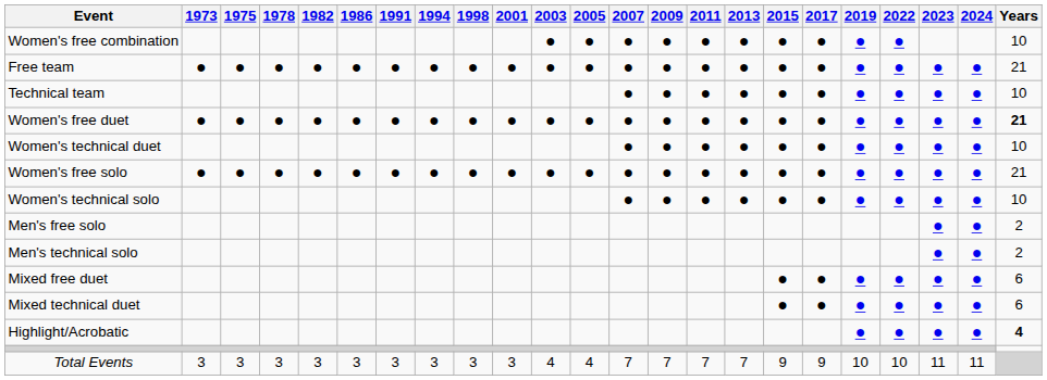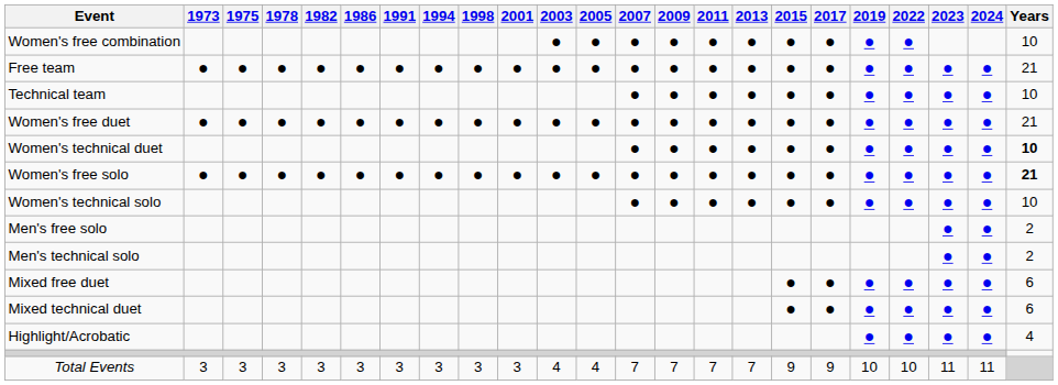 <table class="wikitable" style="text-align:center;">
 <tr>
 <th>Event</th>
 <th><a href='#'>1973</a></th>
 <th><a href='#'>1975</a></th>
 <th><a href='#'>1978</a></th>
 <th><a href='#'>1982</a></th>
 <th><a href='#'>1986</a></th>
 <th><a href='#'>1991</a></th>
 <th><a href='#'>1994</a></th>
 <th><a href='#'>1998</a></th>
 <th><a href='#'>2001</a></th>
 <th><a href='#'>2003</a></th>
 <th><a href='#'>2005</a></th>
 <th><a href='#'>2007</a></th>
 <th><a href='#'>2009</a></th>
 <th><a href='#'>2011</a></th>
 <th><a href='#'>2013</a></th>
 <th><a href='#'>2015</a></th>
 <th><a href='#'>2017</a></th>
 <th><a href='#'>2019</a></th>
 <th><a href='#'>2022</a></th>
 <th><a href='#'>2023</a></th>
 <th><a href='#'>2024</a></th>
 <th>Years</th>
 </tr>
 <tr>
 <td align=left>Women's free combination</td>
 <td></td>
 <td></td>
 <td></td>
 <td></td>
 <td></td>
 <td></td>
 <td></td>
 <td></td>
 <td></td>
 <td><big><strong>●</strong></big></td>
 <td><big><strong>●</strong></big></td>
 <td><big><strong>●</strong></big></td>
 <td><big><strong>●</strong></big></td>
 <td><big><strong>●</strong></big></td>
 <td><big><strong>●</strong></big></td>
 <td><big><strong>●</strong></big></td>
 <td><big><strong>●</strong></big></td>
 <td><a href='#'><big><strong>●</strong></big></a></td>
 <td><a href='#'><big><strong>●</strong></big></a></td>
 <td></td>
 <td></td>
 <td>10</td>
 </tr>
 <tr>
 <td align=left>Free team</td>
 <td><big><strong>●</strong></big></td>
 <td><big><strong>●</strong></big></td>
 <td><big><strong>●</strong></big></td>
 <td><big><strong>●</strong></big></td>
 <td><big><strong>●</strong></big></td>
 <td><big><strong>●</strong></big></td>
 <td><big><strong>●</strong></big></td>
 <td><big><strong>●</strong></big></td>
 <td><big><strong>●</strong></big></td>
 <td><big><strong>●</strong></big></td>
 <td><big><strong>●</strong></big></td>
 <td><big><strong>●</strong></big></td>
 <td><big><strong>●</strong></big></td>
 <td><big><strong>●</strong></big></td>
 <td><big><strong>●</strong></big></td>
 <td><big><strong>●</strong></big></td>
 <td><big><strong>●</strong></big></td>
 <td><a href='#'><big><strong>●</strong></big></a></td>
 <td><a href='#'><big><strong>●</strong></big></a></td>
 <td><a href='#'><big><strong>●</strong></big></a></td>
 <td><a href='#'><big><strong>●</strong></big></a></td>
 <td>21</td>
 </tr>
 <tr>
 <td align=left>Technical team</td>
 <td></td>
 <td></td>
 <td></td>
 <td></td>
 <td></td>
 <td></td>
 <td></td>
 <td></td>
 <td></td>
 <td></td>
 <td></td>
 <td><big><strong>●</strong></big></td>
 <td><big><strong>●</strong></big></td>
 <td><big><strong>●</strong></big></td>
 <td><big><strong>●</strong></big></td>
 <td><big><strong>●</strong></big></td>
 <td><big><strong>●</strong></big></td>
 <td><a href='#'><big><strong>●</strong></big></a></td>
 <td><a href='#'><big><strong>●</strong></big></a></td>
 <td><a href='#'><big><strong>●</strong></big></a></td>
 <td><a href='#'><big><strong>●</strong></big></a></td>
 <td>10</td>
 </tr>
 <tr>
 <td align=left>Women's free duet</td>
 <td><big><strong>●</strong></big></td>
 <td><big><strong>●</strong></big></td>
 <td><big><strong>●</strong></big></td>
 <td><big><strong>●</strong></big></td>
 <td><big><strong>●</strong></big></td>
 <td><big><strong>●</strong></big></td>
 <td><big><strong>●</strong></big></td>
 <td><big><strong>●</strong></big></td>
 <td><big><strong>●</strong></big></td>
 <td><big><strong>●</strong></big></td>
 <td><big><strong>●</strong></big></td>
 <td><big><strong>●</strong></big></td>
 <td><big><strong>●</strong></big></td>
 <td><big><strong>●</strong></big></td>
 <td><big><strong>●</strong></big></td>
 <td><big><strong>●</strong></big></td>
 <td><big><strong>●</strong></big></td>
 <td><a href='#'><big><strong>●</strong></big></a></td>
 <td><a href='#'><big><strong>●</strong></big></a></td>
 <td><a href='#'><big><strong>●</strong></big></a></td>
 <td><a href='#'><big><strong>●</strong></big></a></td>
-<td><strong>21</strong></td>
+<td>21</td>
 </tr>
 <tr>
 <td align=left>Women's technical duet</td>
 <td></td>
 <td></td>
 <td></td>
 <td></td>
 <td></td>
 <td></td>
 <td></td>
 <td></td>
 <td></td>
 <td></td>
 <td></td>
 <td><big><strong>●</strong></big></td>
 <td><big><strong>●</strong></big></td>
 <td><big><strong>●</strong></big></td>
 <td><big><strong>●</strong></big></td>
 <td><big><strong>●</strong></big></td>
 <td><big><strong>●</strong></big></td>
 <td><a href='#'><big><strong>●</strong></big></a></td>
 <td><a href='#'><big><strong>●</strong></big></a></td>
 <td><a href='#'><big><strong>●</strong></big></a></td>
 <td><a href='#'><big><strong>●</strong></big></a></td>
-<td>10</td>
+<td><strong>10</strong></td>
 </tr>
 <tr>
 <td align=left>Women's free solo</td>
 <td><big><strong>●</strong></big></td>
 <td><big><strong>●</strong></big></td>
 <td><big><strong>●</strong></big></td>
 <td><big><strong>●</strong></big></td>
 <td><big><strong>●</strong></big></td>
 <td><big><strong>●</strong></big></td>
 <td><big><strong>●</strong></big></td>
 <td><big><strong>●</strong></big></td>
 <td><big><strong>●</strong></big></td>
 <td><big><strong>●</strong></big></td>
 <td><big><strong>●</strong></big></td>
 <td><big><strong>●</strong></big></td>
 <td><big><strong>●</strong></big></td>
 <td><big><strong>●</strong></big></td>
 <td><big><strong>●</strong></big></td>
 <td><big><strong>●</strong></big></td>
 <td><big><strong>●</strong></big></td>
 <td><a href='#'><big><strong>●</strong></big></a></td>
 <td><a href='#'><big><strong>●</strong></big></a></td>
 <td><a href='#'><big><strong>●</strong></big></a></td>
 <td><a href='#'><big><strong>●</strong></big></a></td>
-<td>21</td>
+<td><strong>21</strong></td>
 </tr>
 <tr>
 <td align=left>Women's technical solo</td>
 <td></td>
 <td></td>
 <td></td>
 <td></td>
 <td></td>
 <td></td>
 <td></td>
 <td></td>
 <td></td>
 <td></td>
 <td></td>
 <td><big><strong>●</strong></big></td>
 <td><big><strong>●</strong></big></td>
 <td><big><strong>●</strong></big></td>
 <td><big><strong>●</strong></big></td>
 <td><big><strong>●</strong></big></td>
 <td><big><strong>●</strong></big></td>
 <td><a href='#'><big><strong>●</strong></big></a></td>
 <td><a href='#'><big><strong>●</strong></big></a></td>
 <td><a href='#'><big><strong>●</strong></big></a></td>
 <td><a href='#'><big><strong>●</strong></big></a></td>
 <td>10</td>
 </tr>
 <tr>
 <td align=left>Men's free solo</td>
 <td></td>
 <td></td>
 <td></td>
 <td></td>
 <td></td>
 <td></td>
 <td></td>
 <td></td>
 <td></td>
 <td></td>
 <td></td>
 <td></td>
 <td></td>
 <td></td>
 <td></td>
 <td></td>
 <td></td>
 <td></td>
 <td></td>
 <td><a href='#'><big><strong>●</strong></big></a></td>
 <td><a href='#'><big><strong>●</strong></big></a></td>
 <td>2</td>
 </tr>
 <tr>
 <td align=left>Men's technical solo</td>
 <td></td>
 <td></td>
 <td></td>
 <td></td>
 <td></td>
 <td></td>
 <td></td>
 <td></td>
 <td></td>
 <td></td>
 <td></td>
 <td></td>
 <td></td>
 <td></td>
 <td></td>
 <td></td>
 <td></td>
 <td></td>
 <td></td>
 <td><a href='#'><big><strong>●</strong></big></a></td>
 <td><a href='#'><big><strong>●</strong></big></a></td>
 <td>2</td>
 </tr>
 <tr>
 <td align=left>Mixed free duet</td>
 <td></td>
 <td></td>
 <td></td>
 <td></td>
 <td></td>
 <td></td>
 <td></td>
 <td></td>
 <td></td>
 <td></td>
 <td></td>
 <td></td>
 <td></td>
 <td></td>
 <td></td>
 <td><big><strong>●</strong></big></td>
 <td><big><strong>●</strong></big></td>
 <td><a href='#'><big><strong>●</strong></big></a></td>
 <td><a href='#'><big><strong>●</strong></big></a></td>
 <td><a href='#'><big><strong>●</strong></big></a></td>
 <td><a href='#'><big><strong>●</strong></big></a></td>
 <td>6</td>
 </tr>
 <tr>
 <td align=left>Mixed technical duet</td>
 <td></td>
 <td></td>
 <td></td>
 <td></td>
 <td></td>
 <td></td>
 <td></td>
 <td></td>
 <td></td>
 <td></td>
 <td></td>
 <td></td>
 <td></td>
 <td></td>
 <td></td>
 <td><big><strong>●</strong></big></td>
 <td><big><strong>●</strong></big></td>
 <td><a href='#'><big><strong>●</strong></big></a></td>
 <td><a href='#'><big><strong>●</strong></big></a></td>
 <td><a href='#'><big><strong>●</strong></big></a></td>
 <td><a href='#'><big><strong>●</strong></big></a></td>
 <td>6</td>
 </tr>
 <tr>
 <td align=left>Highlight/Acrobatic</td>
 <td></td>
 <td></td>
 <td></td>
 <td></td>
 <td></td>
 <td></td>
 <td></td>
 <td></td>
 <td></td>
 <td></td>
 <td></td>
 <td></td>
 <td></td>
 <td></td>
 <td></td>
 <td></td>
 <td></td>
 <td><a href='#'><big><strong>●</strong></big></a></td>
 <td><a href='#'><big><strong>●</strong></big></a></td>
 <td><a href='#'><big><strong>●</strong></big></a></td>
 <td><a href='#'><big><strong>●</strong></big></a></td>
-<td><strong>4</strong></td>
+<td>4</td>
 </tr>
 <tr bgcolor="lightgray">
 <td colspan="22"></td>
 </tr>
 <tr>
 <td><em>Total Events</em></td>
 <td>3</td>
 <td>3</td>
 <td>3</td>
 <td>3</td>
 <td>3</td>
 <td>3</td>
 <td>3</td>
 <td>3</td>
 <td>3</td>
 <td>4</td>
 <td>4</td>
 <td>7</td>
 <td>7</td>
 <td>7</td>
 <td>7</td>
 <td>9</td>
 <td>9</td>
 <td>10</td>
 <td>10</td>
 <td>11</td>
 <td>11</td>
 <td bgcolor="lightgray"></td>
 </tr>
 </table>
